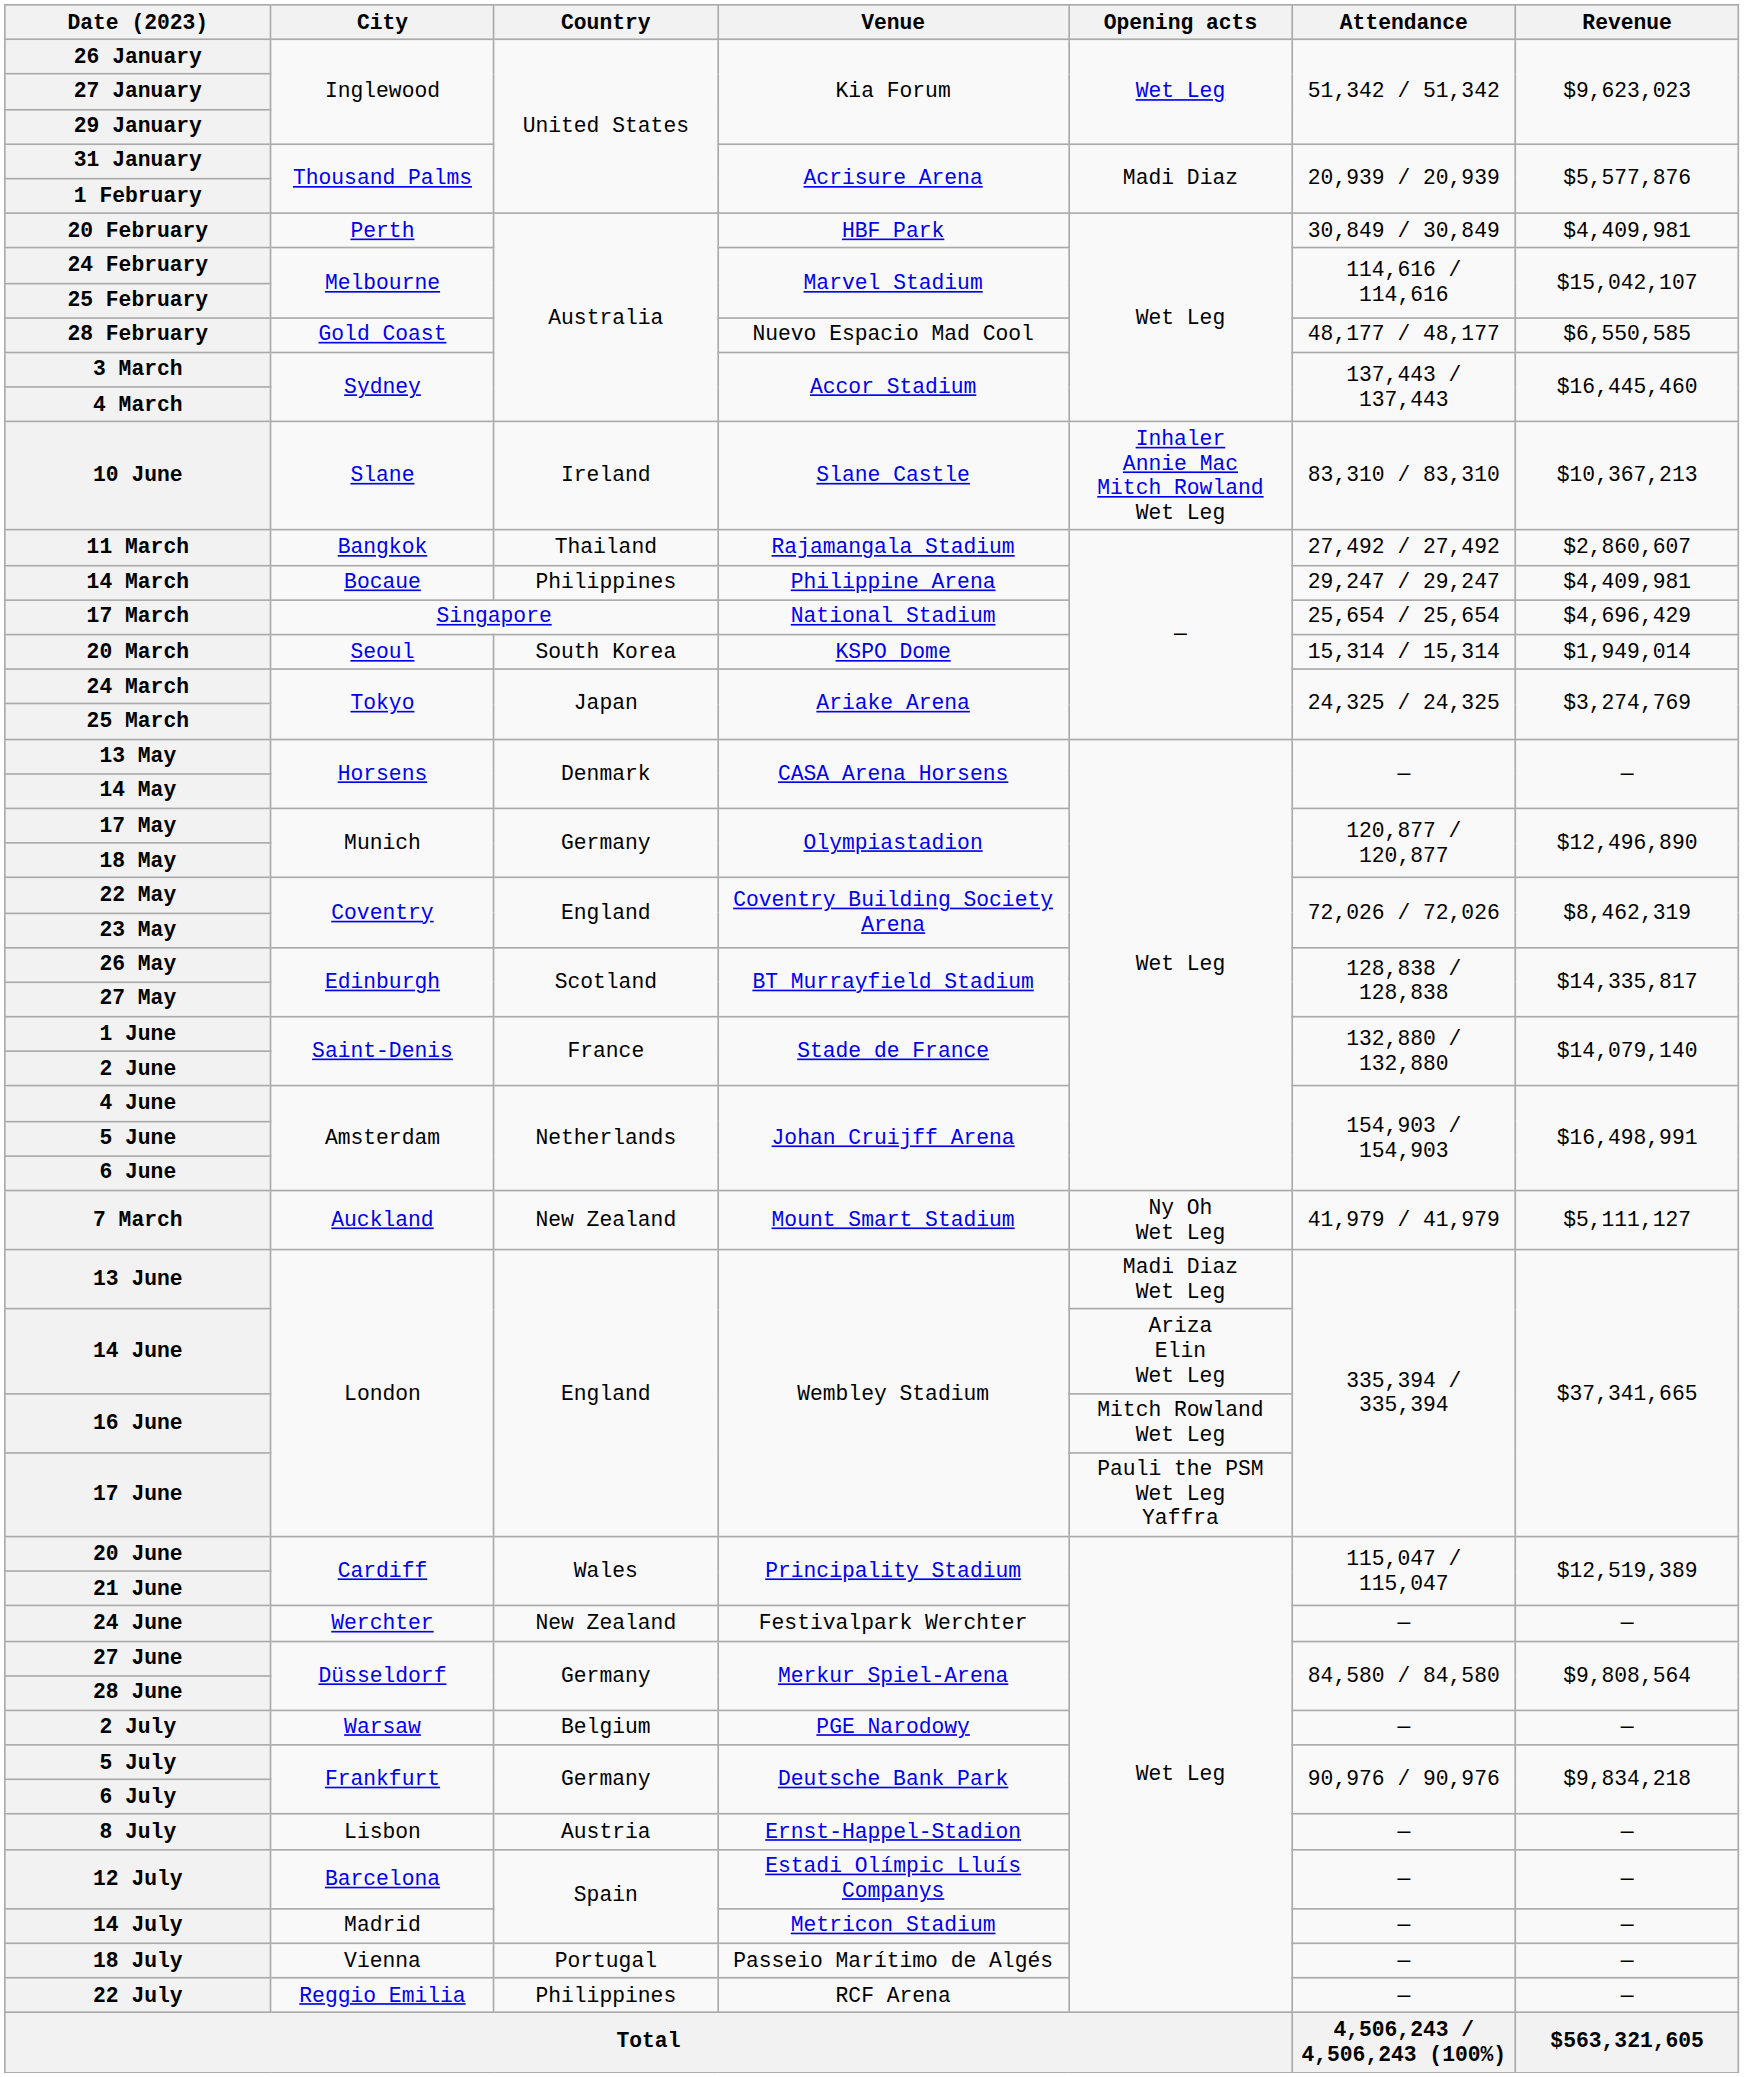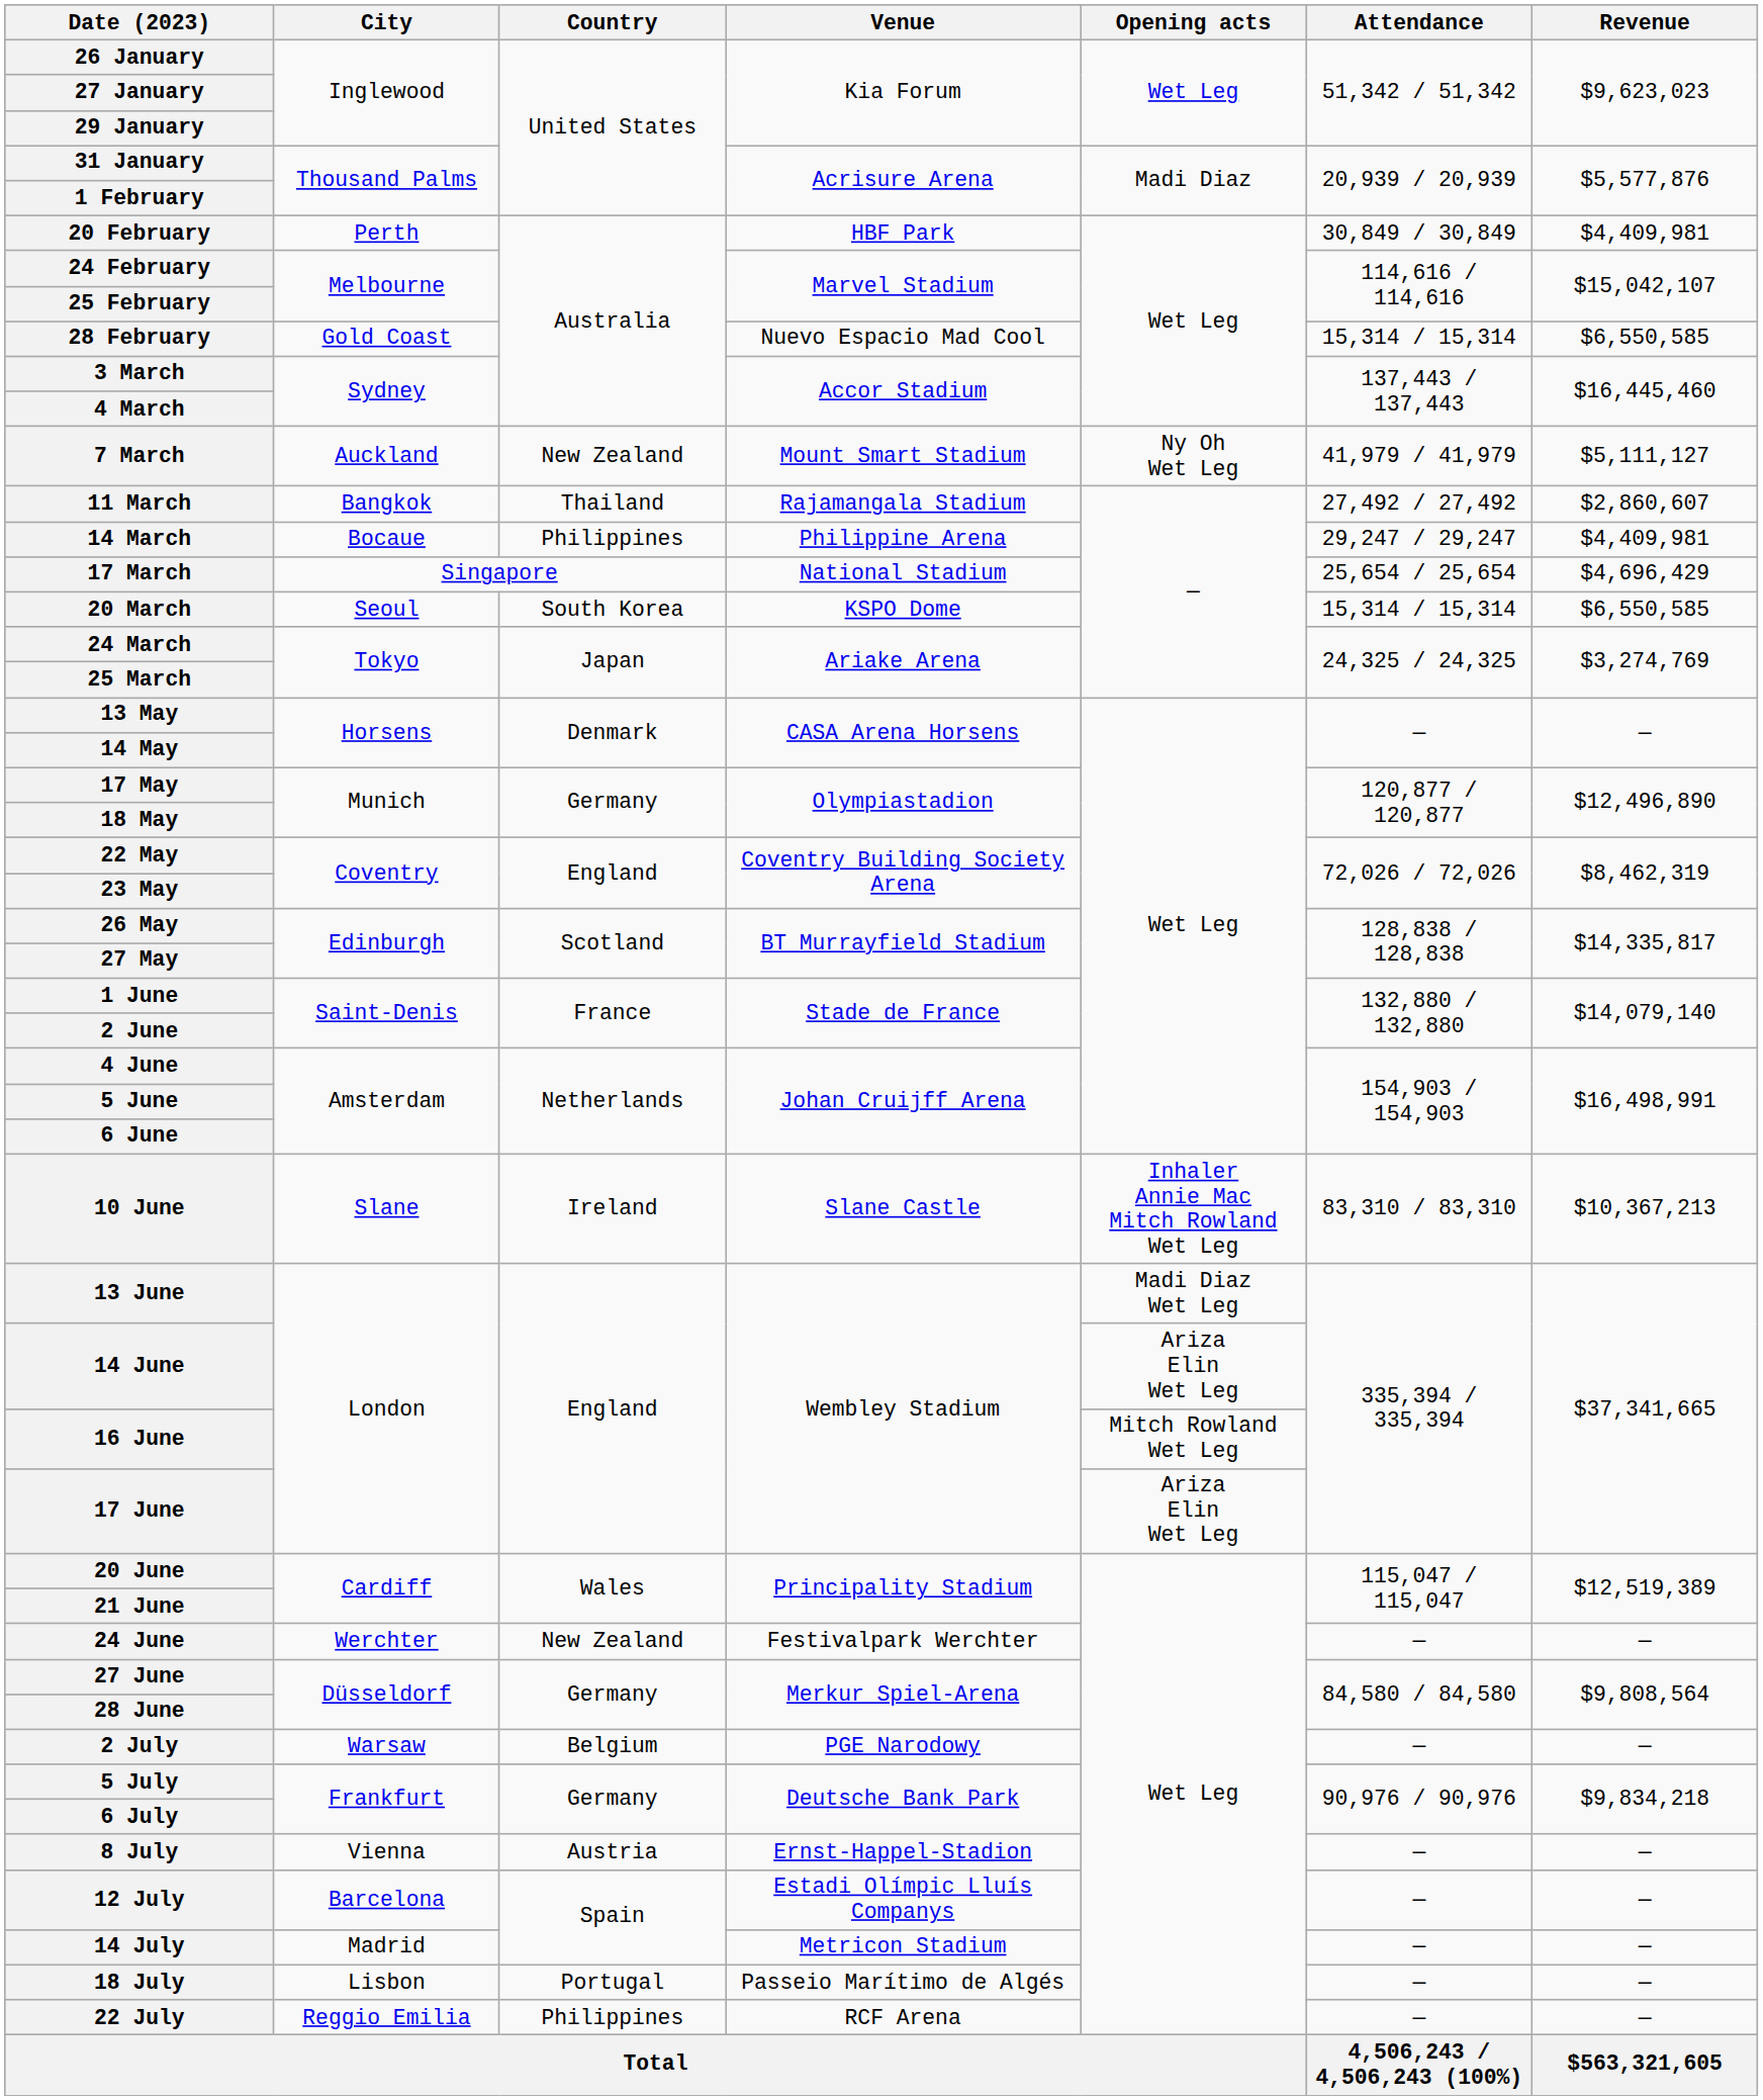 <table class="wikitable plainrowheaders" style="text-align:center;">
 <tr>
 <th scope="col" style="width:12em;">Date (2023)</th>
 <th scope="col" style="width:10em;">City</th>
 <th scope="col" style="width:10em;">Country</th>
 <th scope="col" style="width:16em;">Venue</th>
 <th scope="col" style="width:10em;">Opening acts</th>
 <th scope="col" style="width:10em;">Attendance</th>
 <th scope="col" style="width:10em;">Revenue</th>
 </tr>
 <tr>
 <th scope="row" style="text-align:center;">26 January</th>
 <td rowspan="3">Inglewood</td>
 <td rowspan="5">United States</td>
 <td rowspan="3">Kia Forum</td>
 <td rowspan="3"><a href='#'>Wet Leg</a></td>
 <td rowspan="3">51,342 / 51,342</td>
 <td rowspan="3">$9,623,023</td>
 </tr>
 <tr>
 <th scope="row" style="text-align:center;">27 January</th>
 </tr>
 <tr>
 <th scope="row" style="text-align:center;">29 January</th>
 </tr>
 <tr>
 <th scope="row" style="text-align:center;">31 January</th>
 <td rowspan="2"><a href='#'>Thousand Palms</a></td>
 <td rowspan="2"><a href='#'>Acrisure Arena</a></td>
 <td rowspan="2">Madi Diaz</td>
 <td rowspan="2">20,939 / 20,939</td>
 <td rowspan="2">$5,577,876</td>
 </tr>
 <tr>
 <th scope="row" style="text-align:center;">1 February</th>
 </tr>
 <tr>
 <th scope="row" style="text-align:center;">20 February</th>
 <td><a href='#'>Perth</a></td>
 <td rowspan="6">Australia</td>
 <td><a href='#'>HBF Park</a></td>
 <td rowspan="6">Wet Leg</td>
 <td>30,849 / 30,849</td>
 <td>$4,409,981</td>
 </tr>
 <tr>
 <th scope="row" style="text-align:center;">24 February</th>
 <td rowspan="2"><a href='#'>Melbourne</a></td>
 <td rowspan="2"><a href='#'>Marvel Stadium</a></td>
 <td rowspan="2">114,616 / 114,616</td>
 <td rowspan="2">$15,042,107</td>
 </tr>
 <tr>
 <th scope="row" style="text-align:center;">25 February</th>
 </tr>
 <tr>
 <th scope="row" style="text-align:center;">28 February</th>
 <td><a href='#'>Gold Coast</a></td>
 <td>Nuevo Espacio Mad Cool</td>
-<td>48,177 / 48,177</td>
+<td>15,314 / 15,314</td>
 <td>$6,550,585</td>
 </tr>
 <tr>
 <th scope="row" style="text-align:center;">3 March</th>
 <td rowspan="2"><a href='#'>Sydney</a></td>
 <td rowspan="2"><a href='#'>Accor Stadium</a></td>
 <td rowspan="2">137,443 / 137,443</td>
 <td rowspan="2">$16,445,460</td>
 </tr>
 <tr>
 <th scope="row" style="text-align:center;">4 March</th>
 </tr>
 <tr>
-<th scope="row" style="text-align:center;">10 June</th>
-<td><a href='#'>Slane</a></td>
-<td>Ireland</td>
-<td><a href='#'>Slane Castle</a></td>
-<td><a href='#'>Inhaler</a> <br><a href='#'>Annie Mac</a> <br><a href='#'>Mitch Rowland</a> <br>Wet Leg</td>
-<td>83,310 / 83,310</td>
-<td>$10,367,213</td>
+<th scope="row" style="text-align:center;">7 March</th>
+<td><a href='#'>Auckland</a></td>
+<td>New Zealand</td>
+<td><a href='#'>Mount Smart Stadium</a></td>
+<td>Ny Oh <br>Wet Leg</td>
+<td>41,979 / 41,979</td>
+<td>$5,111,127</td>
 </tr>
 <tr>
 <th scope="row" style="text-align:center;">11 March</th>
 <td><a href='#'>Bangkok</a></td>
 <td>Thailand</td>
 <td><a href='#'>Rajamangala Stadium</a></td>
 <td rowspan="6">—</td>
 <td>27,492 / 27,492</td>
 <td>$2,860,607</td>
 </tr>
 <tr>
 <th scope="row" style="text-align:center;">14 March</th>
 <td><a href='#'>Bocaue</a></td>
 <td>Philippines</td>
 <td><a href='#'>Philippine Arena</a></td>
 <td>29,247 / 29,247</td>
 <td>$4,409,981</td>
 </tr>
 <tr>
 <th scope="row" style="text-align:center;">17 March</th>
 <td colspan="2"><a href='#'>Singapore</a></td>
 <td><a href='#'>National Stadium</a></td>
 <td>25,654 / 25,654</td>
 <td>$4,696,429</td>
 </tr>
 <tr>
 <th scope="row" style="text-align:center;">20 March</th>
 <td><a href='#'>Seoul</a></td>
 <td>South Korea</td>
 <td><a href='#'>KSPO Dome</a></td>
 <td>15,314 / 15,314</td>
-<td>$1,949,014</td>
+<td>$6,550,585</td>
 </tr>
 <tr>
 <th scope="row" style="text-align:center;">24 March</th>
 <td rowspan="2"><a href='#'>Tokyo</a></td>
 <td rowspan="2">Japan</td>
 <td rowspan="2"><a href='#'>Ariake Arena</a></td>
 <td rowspan="2">24,325 / 24,325</td>
 <td rowspan="2">$3,274,769</td>
 </tr>
 <tr>
 <th scope="row" style="text-align:center;">25 March</th>
 </tr>
 <tr>
 <th scope="row" style="text-align:center;">13 May</th>
 <td rowspan="2"><a href='#'>Horsens</a></td>
 <td rowspan="2">Denmark</td>
 <td rowspan="2"><a href='#'>CASA Arena Horsens</a></td>
 <td rowspan="13">Wet Leg</td>
 <td rowspan="2">—</td>
 <td rowspan="2">—</td>
 </tr>
 <tr>
 <th scope="row" style="text-align:center;">14 May</th>
 </tr>
 <tr>
 <th scope="row" style="text-align:center;">17 May</th>
 <td rowspan="2">Munich</td>
 <td rowspan="2">Germany</td>
 <td rowspan="2"><a href='#'>Olympiastadion</a></td>
 <td rowspan="2">120,877 / 120,877</td>
 <td rowspan="2">$12,496,890</td>
 </tr>
 <tr>
 <th scope="row" style="text-align:center;">18 May</th>
 </tr>
 <tr>
 <th scope="row" style="text-align:center;">22 May</th>
 <td rowspan="2"><a href='#'>Coventry</a></td>
 <td rowspan="2">England</td>
 <td rowspan="2"><a href='#'>Coventry Building Society Arena</a></td>
 <td rowspan="2">72,026 / 72,026</td>
 <td rowspan="2">$8,462,319</td>
 </tr>
 <tr>
 <th scope="row" style="text-align:center;">23 May</th>
 </tr>
 <tr>
 <th scope="row" style="text-align:center;">26 May</th>
 <td rowspan="2"><a href='#'>Edinburgh</a></td>
 <td rowspan="2">Scotland</td>
 <td rowspan="2"><a href='#'>BT Murrayfield Stadium</a></td>
 <td rowspan="2">128,838 / 128,838</td>
 <td rowspan="2">$14,335,817</td>
 </tr>
 <tr>
 <th scope="row" style="text-align:center;">27 May</th>
 </tr>
 <tr>
 <th scope="row" style="text-align:center;">1 June</th>
 <td rowspan="2"><a href='#'>Saint-Denis</a></td>
 <td rowspan="2">France</td>
 <td rowspan="2"><a href='#'>Stade de France</a></td>
 <td rowspan="2">132,880 / 132,880</td>
 <td rowspan="2">$14,079,140</td>
 </tr>
 <tr>
 <th scope="row" style="text-align:center;">2 June</th>
 </tr>
 <tr>
 <th scope="row" style="text-align:center;">4 June</th>
 <td rowspan="3">Amsterdam</td>
 <td rowspan="3">Netherlands</td>
 <td rowspan="3"><a href='#'>Johan Cruijff Arena</a></td>
 <td rowspan="3">154,903 / 154,903</td>
 <td rowspan="3">$16,498,991</td>
 </tr>
 <tr>
 <th scope="row" style="text-align:center;">5 June</th>
 </tr>
 <tr>
 <th scope="row" style="text-align:center;">6 June</th>
 </tr>
 <tr>
-<th scope="row" style="text-align:center;">7 March</th>
-<td><a href='#'>Auckland</a></td>
-<td>New Zealand</td>
-<td><a href='#'>Mount Smart Stadium</a></td>
-<td>Ny Oh <br>Wet Leg</td>
-<td>41,979 / 41,979</td>
-<td>$5,111,127</td>
+<th scope="row" style="text-align:center;">10 June</th>
+<td><a href='#'>Slane</a></td>
+<td>Ireland</td>
+<td><a href='#'>Slane Castle</a></td>
+<td><a href='#'>Inhaler</a> <br><a href='#'>Annie Mac</a> <br><a href='#'>Mitch Rowland</a> <br>Wet Leg</td>
+<td>83,310 / 83,310</td>
+<td>$10,367,213</td>
 </tr>
 <tr>
 <th scope="row" style="text-align:center;">13 June</th>
 <td rowspan="4">London</td>
 <td rowspan="4">England</td>
 <td rowspan="4">Wembley Stadium</td>
 <td>Madi Diaz <br>Wet Leg</td>
 <td rowspan="4">335,394 / 335,394</td>
 <td rowspan="4">$37,341,665</td>
 </tr>
 <tr>
 <th scope="row" style="text-align:center;">14 June</th>
 <td>Ariza <br> Elin <br>Wet Leg</td>
 </tr>
 <tr>
 <th scope="row" style="text-align:center;">16 June</th>
 <td>Mitch Rowland <br>Wet Leg</td>
 </tr>
 <tr>
 <th scope="row" style="text-align:center;">17 June</th>
-<td>Pauli the PSM <br>Wet Leg <br>Yaffra</td>
+<td>Ariza <br> Elin <br>Wet Leg</td>
 </tr>
 <tr>
 <th scope="row" style="text-align:center;">20 June</th>
 <td rowspan="2"><a href='#'>Cardiff</a></td>
 <td rowspan="2">Wales</td>
 <td rowspan="2"><a href='#'>Principality Stadium</a></td>
 <td rowspan="13">Wet Leg</td>
 <td rowspan="2">115,047 / 115,047</td>
 <td rowspan="2">$12,519,389</td>
 </tr>
 <tr>
 <th scope="row" style="text-align:center;">21 June</th>
 </tr>
 <tr>
 <th scope="row" style="text-align:center;">24 June</th>
 <td><a href='#'>Werchter</a></td>
 <td>New Zealand</td>
 <td>Festivalpark Werchter</td>
 <td>—</td>
 <td>—</td>
 </tr>
 <tr>
 <th scope="row" style="text-align:center;">27 June</th>
 <td rowspan="2"><a href='#'>Düsseldorf</a></td>
 <td rowspan="2">Germany</td>
 <td rowspan="2"><a href='#'>Merkur Spiel-Arena</a></td>
 <td rowspan="2">84,580 / 84,580</td>
 <td rowspan="2">$9,808,564</td>
 </tr>
 <tr>
 <th scope="row" style="text-align:center;">28 June</th>
 </tr>
 <tr>
 <th scope="row" style="text-align:center;">2 July</th>
 <td><a href='#'>Warsaw</a></td>
 <td>Belgium</td>
 <td><a href='#'>PGE Narodowy</a></td>
 <td>—</td>
 <td>—</td>
 </tr>
 <tr>
 <th scope="row" style="text-align:center;">5 July</th>
 <td rowspan="2"><a href='#'>Frankfurt</a></td>
 <td rowspan="2">Germany</td>
 <td rowspan="2"><a href='#'>Deutsche Bank Park</a></td>
 <td rowspan="2">90,976 / 90,976</td>
 <td rowspan="2">$9,834,218</td>
 </tr>
 <tr>
 <th scope="row" style="text-align:center;">6 July</th>
 </tr>
 <tr>
 <th scope="row" style="text-align:center;">8 July</th>
-<td>Lisbon</td>
+<td>Vienna</td>
 <td>Austria</td>
 <td><a href='#'>Ernst-Happel-Stadion</a></td>
 <td>—</td>
 <td>—</td>
 </tr>
 <tr>
 <th scope="row" style="text-align:center;">12 July</th>
 <td><a href='#'>Barcelona</a></td>
 <td rowspan="2">Spain</td>
 <td><a href='#'>Estadi Olímpic Lluís Companys</a></td>
 <td>—</td>
 <td>—</td>
 </tr>
 <tr>
 <th scope="row" style="text-align:center;">14 July</th>
 <td>Madrid</td>
 <td><a href='#'>Metricon Stadium</a></td>
 <td>—</td>
 <td>—</td>
 </tr>
 <tr>
 <th scope="row" style="text-align:center;">18 July</th>
-<td>Vienna</td>
+<td>Lisbon</td>
 <td>Portugal</td>
 <td>Passeio Marítimo de Algés</td>
 <td>—</td>
 <td>—</td>
 </tr>
 <tr>
 <th scope="row" style="text-align:center;">22 July</th>
 <td><a href='#'>Reggio Emilia</a></td>
 <td>Philippines</td>
 <td>RCF Arena</td>
 <td>—</td>
 <td>—</td>
 </tr>
 <tr>
 <th colspan="5">Total</th>
 <th>4,506,243 / 4,506,243 (100%)</th>
 <th>$563,321,605</th>
 </tr>
 </table>
